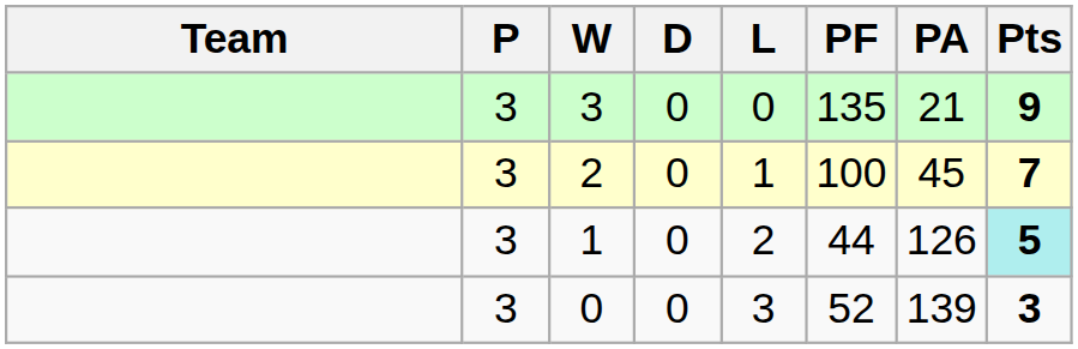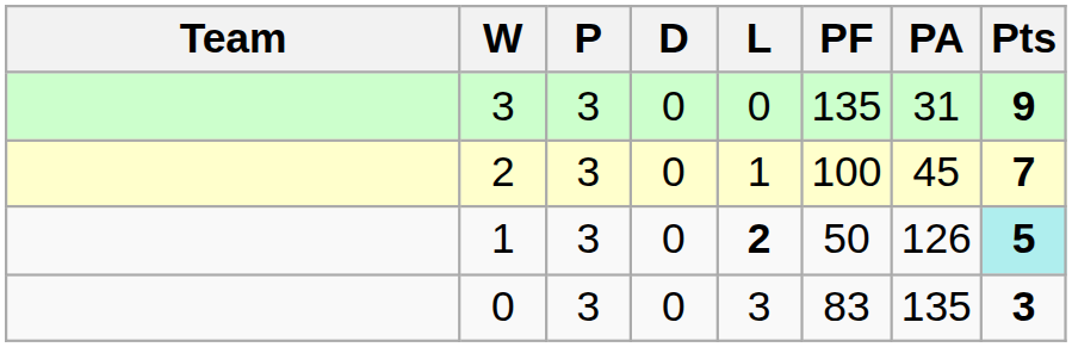 <table class="wikitable" style="text-align:center">
 <tr>
 <th width=165>Team</th>
+<th width=25>W</th>
 <th width=25>P</th>
-<th width=25>W</th>
 <th width=25>D</th>
 <th width=25>L</th>
 <th width=25>PF</th>
 <th width=25>PA</th>
 <th width=25>Pts</th>
 </tr>
 <tr style="background:#cfc">
 <td align=left></td>
 <td>3</td>
 <td>3</td>
 <td>0</td>
 <td>0</td>
 <td>135</td>
-<td>21</td>
+<td>31</td>
 <td><strong>9</strong></td>
 </tr>
 <tr style="background:#ffc">
 <td align=left></td>
+<td>2</td>
 <td>3</td>
-<td>2</td>
 <td>0</td>
 <td>1</td>
 <td>100</td>
 <td>45</td>
 <td><strong>7</strong></td>
 </tr>
 <tr>
 <td align=left></td>
+<td>1</td>
 <td>3</td>
-<td>1</td>
 <td>0</td>
-<td>2</td>
-<td>44</td>
+<td><strong>2</strong></td>
+<td>50</td>
 <td>126</td>
 <td style="background: paleturquoise;"><strong>5</strong></td>
 </tr>
 <tr>
 <td align=left></td>
+<td>0</td>
 <td>3</td>
 <td>0</td>
-<td>0</td>
 <td>3</td>
-<td>52</td>
-<td>139</td>
+<td>83</td>
+<td>135</td>
 <td><strong>3</strong></td>
 </tr>
 </table>
